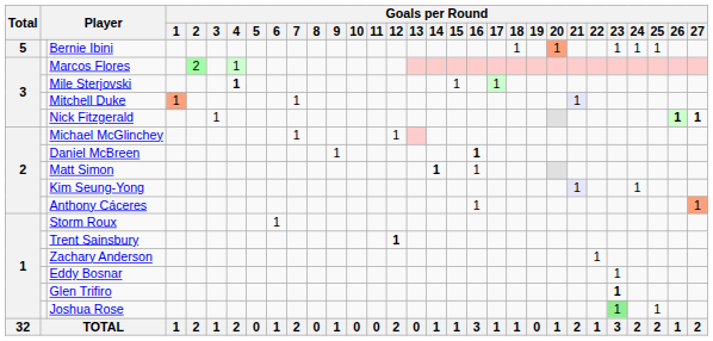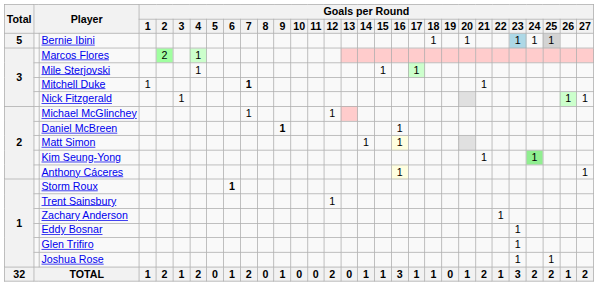 <table class="wikitable" style="text-align:center; line-height: 90%; font-size:90%;">
 <tr>
 <th rowspan="2">Total</th>
 <th rowspan="2" colspan="2">Player</th>
 <th colspan="27">Goals per Round</th>
 </tr>
 <tr>
 <th> 1 </th>
 <th> 2 </th>
 <th> 3 </th>
 <th> 4 </th>
 <th> 5 </th>
 <th> 6 </th>
 <th> 7 </th>
 <th> 8 </th>
 <th> 9 </th>
 <th>10</th>
 <th>11</th>
 <th>12</th>
 <th>13</th>
 <th>14</th>
 <th>15</th>
 <th>16</th>
 <th>17</th>
 <th>18</th>
 <th>19</th>
 <th>20</th>
 <th>21</th>
 <th>22</th>
 <th>23</th>
 <th>24</th>
 <th>25</th>
 <th>26</th>
 <th>27</th>
 </tr>
 <tr>
 <th rowspan="1">5</th>
 <td></td>
 <td style="text-align:left;"><a href='#'>Bernie Ibini</a></td>
 <td></td>
 <td></td>
 <td></td>
 <td></td>
 <td></td>
 <td></td>
 <td></td>
 <td></td>
 <td></td>
 <td></td>
 <td></td>
 <td></td>
 <td></td>
 <td></td>
 <td></td>
 <td></td>
 <td></td>
 <td>1</td>
 <td></td>
-<td style="background: lightsalmon;">1</td>
+<td>1</td>
 <td></td>
 <td></td>
+<td style="background: lightblue;">1</td>
 <td>1</td>
-<td>1</td>
-<td>1</td>
+<td style="background: lightgrey;">1</td>
 <td></td>
 <td></td>
 </tr>
 <tr>
 <th rowspan="4">3</th>
 <td></td>
 <td style="text-align:left;"><a href='#'>Marcos Flores</a></td>
 <td></td>
 <td style="background-color:#a0ffa0;">2</td>
 <td></td>
 <td style="background-color: #ccffcc;">1</td>
 <td></td>
 <td></td>
 <td></td>
 <td></td>
 <td></td>
 <td></td>
 <td></td>
 <td></td>
 <td style="background-color:#ffcccc;"></td>
 <td style="background-color:#ffcccc;"></td>
 <td style="background-color:#ffcccc;"></td>
 <td style="background-color:#ffcccc;"></td>
 <td style="background-color:#ffcccc;"></td>
 <td style="background-color:#ffcccc;"></td>
 <td style="background-color:#ffcccc;"></td>
 <td style="background-color:#ffcccc;"></td>
 <td style="background-color:#ffcccc;"></td>
 <td style="background-color:#ffcccc;"></td>
 <td style="background-color:#ffcccc;"></td>
 <td style="background-color:#ffcccc;"></td>
 <td style="background-color:#ffcccc;"></td>
 <td style="background-color:#ffcccc;"></td>
 <td style="background-color:#ffcccc;"></td>
 </tr>
 <tr>
 <td></td>
 <td style="text-align:left;"><a href='#'>Mile Sterjovski</a></td>
 <td></td>
 <td></td>
 <td></td>
-<td><strong>1</strong></td>
+<td>1</td>
 <td></td>
 <td></td>
 <td></td>
 <td></td>
 <td></td>
 <td></td>
 <td></td>
 <td></td>
 <td></td>
 <td></td>
 <td>1</td>
 <td></td>
 <td style="background-color:#ccffcc;">1</td>
 <td></td>
 <td></td>
 <td></td>
 <td></td>
 <td></td>
 <td></td>
 <td></td>
 <td></td>
 <td></td>
 <td></td>
 </tr>
 <tr>
 <td></td>
 <td style="text-align:left;"><a href='#'>Mitchell Duke</a></td>
-<td style="background: lightsalmon;">1</td>
+<td>1</td>
 <td></td>
 <td></td>
 <td></td>
 <td></td>
 <td></td>
-<td>1</td>
+<td><strong>1</strong></td>
 <td></td>
 <td></td>
 <td></td>
 <td></td>
 <td></td>
 <td></td>
 <td></td>
 <td></td>
 <td></td>
 <td></td>
 <td></td>
 <td></td>
 <td></td>
-<td style="background: lavender;">1</td>
+<td>1</td>
 <td></td>
 <td></td>
 <td></td>
 <td></td>
 <td></td>
 <td></td>
 </tr>
 <tr>
 <td></td>
 <td style="text-align:left;"><a href='#'>Nick Fitzgerald</a></td>
 <td></td>
 <td></td>
 <td>1</td>
 <td></td>
 <td></td>
 <td></td>
 <td></td>
 <td></td>
 <td></td>
 <td></td>
 <td></td>
 <td></td>
 <td></td>
 <td></td>
 <td></td>
 <td></td>
 <td></td>
 <td></td>
 <td></td>
 <td style="background-color:#e0e0e0;"></td>
 <td></td>
 <td></td>
 <td></td>
 <td></td>
 <td></td>
-<td style="background-color:#ccffcc;"><strong>1</strong></td>
-<td><strong>1</strong></td>
+<td style="background-color:#ccffcc;">1</td>
+<td>1</td>
 </tr>
 <tr>
 <th rowspan="5">2</th>
 <td></td>
 <td style="text-align:left;"><a href='#'>Michael McGlinchey</a></td>
 <td></td>
 <td></td>
 <td></td>
 <td></td>
 <td></td>
 <td></td>
 <td>1</td>
 <td></td>
 <td></td>
 <td></td>
 <td></td>
 <td>1</td>
 <td style="background-color:#ffcccc;"></td>
 <td></td>
 <td></td>
 <td></td>
 <td></td>
 <td></td>
 <td></td>
 <td></td>
 <td></td>
 <td></td>
 <td></td>
 <td></td>
 <td></td>
 <td></td>
 <td></td>
 </tr>
 <tr>
 <td></td>
 <td style="text-align:left;"><a href='#'>Daniel McBreen</a></td>
 <td></td>
 <td></td>
 <td></td>
 <td></td>
 <td></td>
 <td></td>
 <td></td>
 <td></td>
-<td>1</td>
+<td><strong>1</strong></td>
 <td></td>
 <td></td>
 <td></td>
 <td></td>
 <td></td>
 <td></td>
-<td><strong>1</strong></td>
+<td>1</td>
 <td></td>
 <td></td>
 <td></td>
 <td></td>
 <td></td>
 <td></td>
 <td></td>
 <td></td>
 <td></td>
 <td></td>
 <td></td>
 </tr>
 <tr>
 <td></td>
 <td style="text-align:left;"><a href='#'>Matt Simon</a></td>
 <td></td>
 <td></td>
 <td></td>
 <td></td>
 <td></td>
 <td></td>
 <td></td>
 <td></td>
 <td></td>
 <td></td>
 <td></td>
 <td></td>
 <td></td>
-<td><strong>1</strong></td>
+<td>1</td>
 <td></td>
-<td>1</td>
+<td style="background: lightyellow;">1</td>
 <td></td>
 <td></td>
 <td></td>
 <td style="background-color:#e0e0e0;"></td>
 <td></td>
 <td></td>
 <td></td>
 <td></td>
 <td></td>
 <td></td>
 <td></td>
 </tr>
 <tr>
 <td></td>
 <td style="text-align:left;"><a href='#'>Kim Seung-Yong</a></td>
 <td></td>
 <td></td>
 <td></td>
 <td></td>
 <td></td>
 <td></td>
 <td></td>
 <td></td>
 <td></td>
 <td></td>
 <td></td>
 <td></td>
 <td></td>
 <td></td>
 <td></td>
 <td></td>
 <td></td>
 <td></td>
 <td></td>
 <td></td>
-<td style="background: lavender;">1</td>
+<td>1</td>
 <td></td>
 <td></td>
-<td>1</td>
+<td style="background: lightgreen;">1</td>
 <td></td>
 <td></td>
 <td></td>
 </tr>
 <tr>
 <td></td>
 <td style="text-align:left;"><a href='#'>Anthony Cáceres</a></td>
 <td></td>
 <td></td>
 <td></td>
 <td></td>
 <td></td>
 <td></td>
 <td></td>
 <td></td>
 <td></td>
 <td></td>
 <td></td>
 <td></td>
 <td></td>
 <td></td>
 <td></td>
-<td>1</td>
+<td style="background: lightyellow;">1</td>
 <td></td>
 <td></td>
 <td></td>
 <td></td>
 <td></td>
 <td></td>
 <td></td>
 <td></td>
 <td></td>
 <td></td>
-<td style="background: lightsalmon;">1</td>
+<td>1</td>
 </tr>
 <tr>
 <th rowspan="6">1</th>
 <td></td>
 <td style="text-align:left;"><a href='#'>Storm Roux</a></td>
 <td></td>
 <td></td>
 <td></td>
 <td></td>
 <td></td>
-<td>1</td>
+<td><strong>1</strong></td>
 <td></td>
 <td></td>
 <td></td>
 <td></td>
 <td></td>
 <td></td>
 <td></td>
 <td></td>
 <td></td>
 <td></td>
 <td></td>
 <td></td>
 <td></td>
 <td></td>
 <td></td>
 <td></td>
 <td></td>
 <td></td>
 <td></td>
 <td></td>
 <td></td>
 </tr>
 <tr>
 <td></td>
 <td style="text-align:left;"><a href='#'>Trent Sainsbury</a></td>
 <td></td>
 <td></td>
 <td></td>
 <td></td>
 <td></td>
 <td></td>
 <td></td>
 <td></td>
 <td></td>
 <td></td>
 <td></td>
-<td><strong>1</strong></td>
+<td>1</td>
 <td></td>
 <td></td>
 <td></td>
 <td></td>
 <td></td>
 <td></td>
 <td></td>
 <td></td>
 <td></td>
 <td></td>
 <td></td>
 <td></td>
 <td></td>
 <td></td>
 <td></td>
 </tr>
 <tr>
 <td></td>
 <td style="text-align:left;"><a href='#'>Zachary Anderson</a></td>
 <td></td>
 <td></td>
 <td></td>
 <td></td>
 <td></td>
 <td></td>
 <td></td>
 <td></td>
 <td></td>
 <td></td>
 <td></td>
 <td></td>
 <td></td>
 <td></td>
 <td></td>
 <td></td>
 <td></td>
 <td></td>
 <td></td>
 <td></td>
 <td></td>
 <td>1</td>
 <td></td>
 <td></td>
 <td></td>
 <td></td>
 <td></td>
 </tr>
 <tr>
 <td></td>
 <td style="text-align:left;"><a href='#'>Eddy Bosnar</a></td>
 <td></td>
 <td></td>
 <td></td>
 <td></td>
 <td></td>
 <td></td>
 <td></td>
 <td></td>
 <td></td>
 <td></td>
 <td></td>
 <td></td>
 <td></td>
 <td></td>
 <td></td>
 <td></td>
 <td></td>
 <td></td>
 <td></td>
 <td></td>
 <td></td>
 <td></td>
 <td>1</td>
 <td></td>
 <td></td>
 <td></td>
 <td></td>
 </tr>
 <tr>
 <td></td>
 <td style="text-align:left;"><a href='#'>Glen Trifiro</a></td>
 <td></td>
 <td></td>
 <td></td>
 <td></td>
 <td></td>
 <td></td>
 <td></td>
 <td></td>
 <td></td>
 <td></td>
 <td></td>
 <td></td>
 <td></td>
 <td></td>
 <td></td>
 <td></td>
 <td></td>
 <td></td>
 <td></td>
 <td></td>
 <td></td>
 <td></td>
-<td><strong>1</strong></td>
+<td>1</td>
 <td></td>
 <td></td>
 <td></td>
 <td></td>
 </tr>
 <tr>
 <td></td>
 <td style="text-align:left;"><a href='#'>Joshua Rose</a></td>
 <td></td>
 <td></td>
 <td></td>
 <td></td>
 <td></td>
 <td></td>
 <td></td>
 <td></td>
 <td></td>
 <td></td>
 <td></td>
 <td></td>
 <td></td>
 <td></td>
 <td></td>
 <td></td>
 <td></td>
 <td></td>
 <td></td>
 <td></td>
 <td></td>
 <td></td>
-<td style="background: lightgreen;">1</td>
+<td>1</td>
 <td></td>
 <td>1</td>
 <td></td>
 <td></td>
 </tr>
 <tr>
 <th rowspan="1">32</th>
 <th colspan="2">TOTAL</th>
 <th style="text-align:center;">1</th>
 <th>2</th>
 <th>1</th>
 <th>2</th>
 <th>0</th>
 <th>1</th>
 <th>2</th>
 <th>0</th>
 <th>1</th>
 <th>0</th>
 <th>0</th>
 <th>2</th>
 <th>0</th>
 <th>1</th>
 <th>1</th>
 <th>3</th>
 <th>1</th>
 <th>1</th>
 <th>0</th>
 <th>1</th>
 <th>2</th>
 <th>1</th>
 <th>3</th>
 <th>2</th>
 <th>2</th>
 <th>1</th>
 <th>2</th>
 </tr>
 </table>
